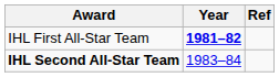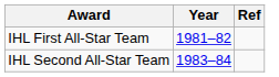 <table class="wikitable">
 <tr>
 <th>Award</th>
 <th>Year</th>
 <th>Ref</th>
 </tr>
 <tr>
 <td>IHL First All-Star Team</td>
-<td><strong><a href='#'>1981–82</a></strong></td>
+<td><a href='#'>1981–82</a></td>
 <td></td>
 </tr>
 <tr>
-<td><strong>IHL Second All-Star Team</strong></td>
+<td>IHL Second All-Star Team</td>
 <td><a href='#'>1983–84</a></td>
 <td></td>
 </tr>
 </table>
